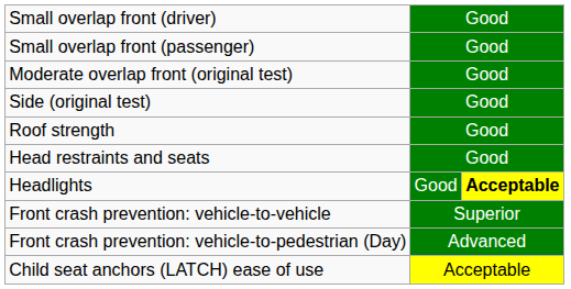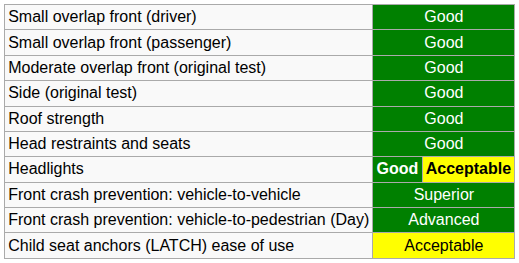 <table class="wikitable">
 <tr>
 <td>Small overlap front (driver)</td>
 <td colspan="2" style="text-align:center;color:white;background: green">Good</td>
 </tr>
 <tr>
 <td>Small overlap front (passenger)</td>
 <td colspan="2" style="text-align:center;color:white;background: green">Good</td>
 </tr>
 <tr>
 <td>Moderate overlap front (original test)</td>
 <td colspan="2" style="text-align:center;color:white;background: green">Good</td>
 </tr>
 <tr>
 <td>Side (original test)</td>
 <td colspan="2" style="text-align:center;color:white;background: green">Good</td>
 </tr>
 <tr>
 <td>Roof strength</td>
 <td colspan="2" style="text-align:center;color:white;background: green">Good</td>
 </tr>
 <tr>
 <td>Head restraints and seats</td>
 <td colspan="2" style="text-align:center;color:white;background: green">Good</td>
 </tr>
 <tr>
 <td>Headlights</td>
-<td style="text-align:center;color:white;background:green">Good</td>
+<td style="text-align:center;color:white;background:green"><strong>Good</strong></td>
 <td style="text-align:center;color:black;background:yellow"><strong>Acceptable</strong></td>
 </tr>
 <tr>
 <td>Front crash prevention: vehicle-to-vehicle</td>
 <td colspan="2" style="text-align:center;color:white;background: green">Superior</td>
 </tr>
 <tr>
 <td>Front crash prevention: vehicle-to-pedestrian (Day)</td>
 <td colspan="2" style="text-align:center;color:white;background: green">Advanced</td>
 </tr>
 <tr>
 <td>Child seat anchors (LATCH) ease of use</td>
 <td colspan="2" style="text-align:center;color:black;background: yellow">Acceptable</td>
 </tr>
 </table>
